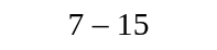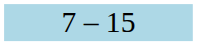 <table style="text-align:center">
 <tr>
 <th width=200></th>
 <th width=100></th>
 <th width=200></th>
 </tr>
 <tr>
 <td align=right></td>
-<td>7 – 15</td>
+<td style="background: lightblue;">7 – 15</td>
 <td align=left><strong></strong></td>
 </tr>
 </table>
